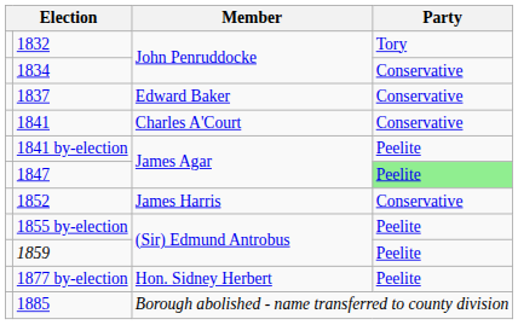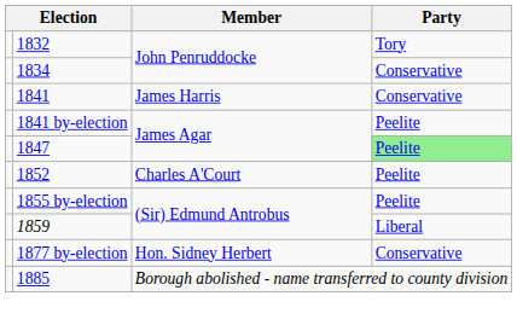 <table class="wikitable">
 <tr>
 <th colspan="2">Election</th>
 <th>Member</th>
 <th>Party</th>
 </tr>
 <tr>
 <td style="color:inherit;background-color: "></td>
 <td><a href='#'>1832</a></td>
 <td rowspan="2"><a href='#'>John Penruddocke</a></td>
 <td><a href='#'>Tory</a></td>
 </tr>
 <tr>
 <td style="color:inherit;background-color: "></td>
 <td><a href='#'>1834</a></td>
 <td><a href='#'>Conservative</a></td>
 </tr>
 <tr>
 <td style="color:inherit;background-color: "></td>
-<td><a href='#'>1837</a></td>
-<td><a href='#'>Edward Baker</a></td>
-<td><a href='#'>Conservative</a></td>
-</tr>
-<tr>
-<td style="color:inherit;background-color: "></td>
 <td><a href='#'>1841</a></td>
-<td><a href='#'>Charles A'Court</a></td>
+<td><a href='#'>James Harris</a></td>
 <td><a href='#'>Conservative</a></td>
 </tr>
 <tr>
 <td style="color:inherit;background-color: "></td>
 <td><a href='#'>1841 by-election</a></td>
 <td rowspan="2"><a href='#'>James Agar</a></td>
 <td><a href='#'>Peelite</a></td>
 </tr>
 <tr>
 <td style="color:inherit;background-color: "></td>
 <td><a href='#'>1847</a></td>
 <td style="background: lightgreen;"><a href='#'>Peelite</a></td>
 </tr>
 <tr>
 <td style="color:inherit;background-color: "></td>
 <td><a href='#'>1852</a></td>
-<td><a href='#'>James Harris</a></td>
-<td><a href='#'>Conservative</a></td>
+<td><a href='#'>Charles A'Court</a></td>
+<td><a href='#'>Peelite</a></td>
 </tr>
 <tr>
 <td style="color:inherit;background-color: "></td>
 <td><a href='#'>1855 by-election</a></td>
 <td rowspan="2"><a href='#'>(Sir) Edmund Antrobus</a></td>
 <td><a href='#'>Peelite</a></td>
 </tr>
 <tr>
 <td style="color:inherit;background-color: "></td>
 <td><em>1859</em></td>
-<td><a href='#'>Peelite</a></td>
+<td><a href='#'>Liberal</a></td>
 </tr>
 <tr>
 <td style="color:inherit;background-color: "></td>
 <td><a href='#'>1877 by-election</a></td>
 <td><a href='#'>Hon. Sidney Herbert</a></td>
-<td><a href='#'>Peelite</a></td>
+<td><a href='#'>Conservative</a></td>
 </tr>
 <tr>
 <td></td>
 <td><a href='#'>1885</a></td>
 <td colspan="2"><em>Borough abolished - name transferred to county division</em></td>
 </tr>
 </table>
